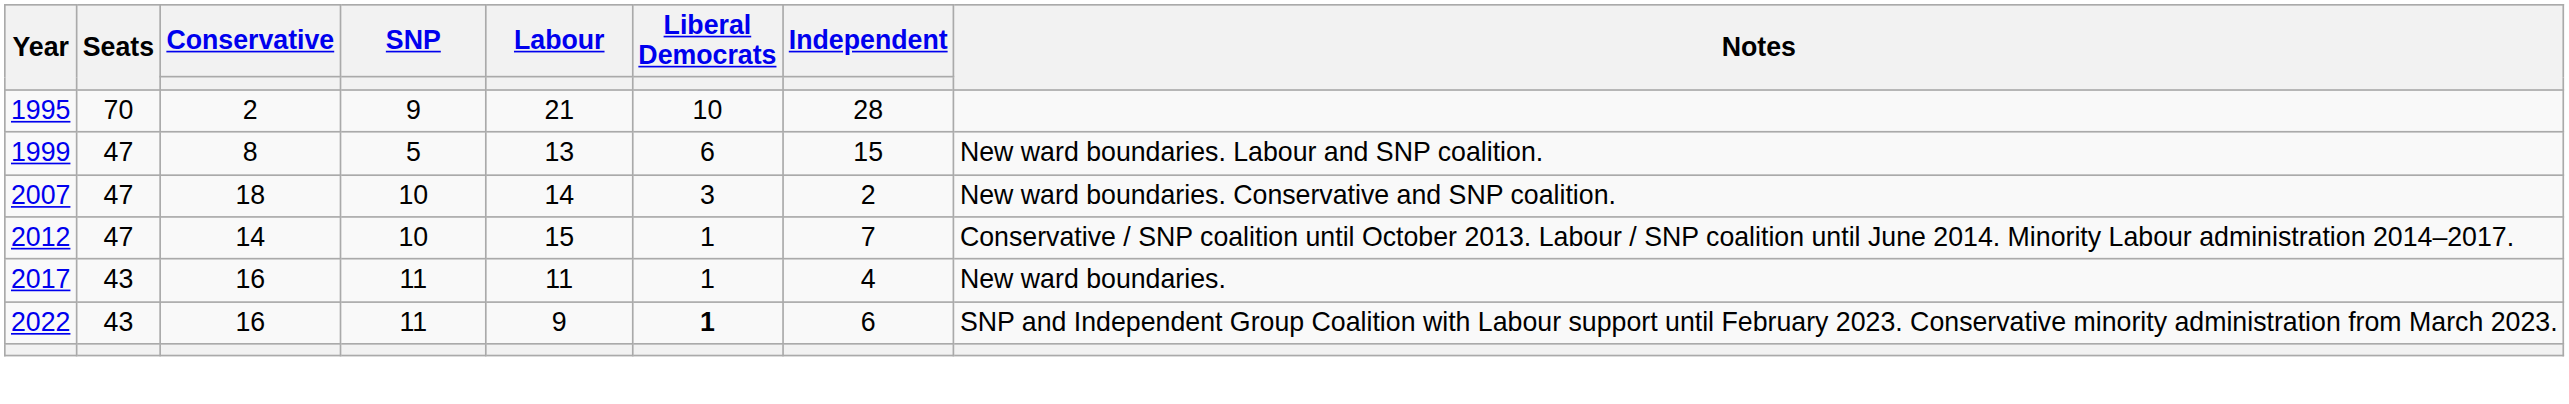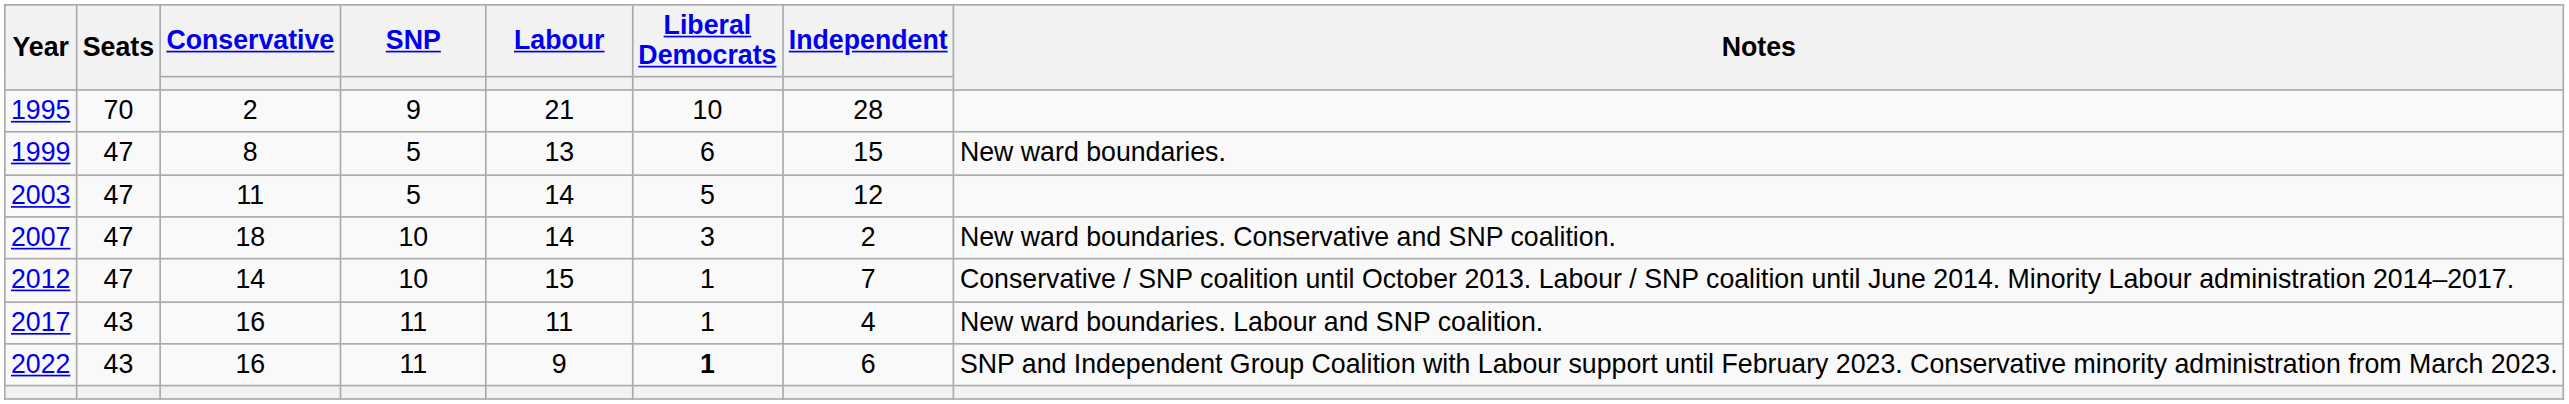 <table class="wikitable" style=text-align:center>
 <tr>
 <th rowspan=2><strong>Year</strong></th>
 <th rowspan=2><strong>Seats</strong></th>
 <th width="80"><strong><a href='#'>Conservative</a></strong></th>
 <th width="80"><a href='#'><strong>SNP</strong></a></th>
 <th width="80"><a href='#'><strong>Labour</strong></a></th>
 <th width="80"><a href='#'><strong>Liberal Democrats</strong></a></th>
 <th width="80"><a href='#'><strong>Independent</strong></a></th>
 <th rowspan="2"><strong>Notes</strong></th>
 </tr>
 <tr>
 <th style="background-color: "></th>
 <th style="background-color: "></th>
 <th style="background-color: "></th>
 <th style="background-color: "></th>
 <th style="background-color: "></th>
 </tr>
 <tr>
 <td><a href='#'>1995</a></td>
 <td>70</td>
 <td>2</td>
 <td>9</td>
 <td>21</td>
 <td>10</td>
 <td>28</td>
 <td align="left"></td>
 </tr>
 <tr>
 <td><a href='#'>1999</a></td>
 <td>47</td>
 <td>8</td>
 <td>5</td>
 <td>13</td>
 <td>6</td>
 <td>15</td>
-<td align="left">New ward boundaries. Labour and SNP coalition.</td>
+<td align="left">New ward boundaries.</td>
+</tr>
+<tr>
+<td><a href='#'>2003</a></td>
+<td>47</td>
+<td>11</td>
+<td>5</td>
+<td>14</td>
+<td>5</td>
+<td>12</td>
+<td align="left"></td>
 </tr>
 <tr>
 <td><a href='#'>2007</a></td>
 <td>47</td>
 <td>18</td>
 <td>10</td>
 <td>14</td>
 <td>3</td>
 <td>2</td>
 <td align="left">New ward boundaries. Conservative and SNP coalition.</td>
 </tr>
 <tr>
 <td><a href='#'>2012</a></td>
 <td>47</td>
 <td>14</td>
 <td>10</td>
 <td>15</td>
 <td>1</td>
 <td>7</td>
 <td align="left">Conservative / SNP coalition until October 2013. Labour / SNP coalition until June 2014. Minority Labour administration 2014–2017.</td>
 </tr>
 <tr>
 <td><a href='#'>2017</a></td>
 <td>43</td>
 <td>16</td>
 <td>11</td>
 <td>11</td>
 <td>1</td>
 <td>4</td>
-<td align="left">New ward boundaries.</td>
+<td align="left">New ward boundaries. Labour and SNP coalition.</td>
 </tr>
 <tr>
 <td><a href='#'>2022</a></td>
 <td>43</td>
 <td>16</td>
 <td>11</td>
 <td>9</td>
 <td><strong>1</strong></td>
 <td>6</td>
 <td align="left">SNP and Independent Group Coalition with Labour support until February 2023. Conservative minority administration from March 2023.</td>
 </tr>
 <tr>
 <th></th>
 <th></th>
 <th style="background-color: "></th>
 <th style="background-color: "></th>
 <th style="background-color: "></th>
 <th style="background-color: "></th>
 <th style="background-color: "></th>
 <th></th>
 </tr>
 </table>
